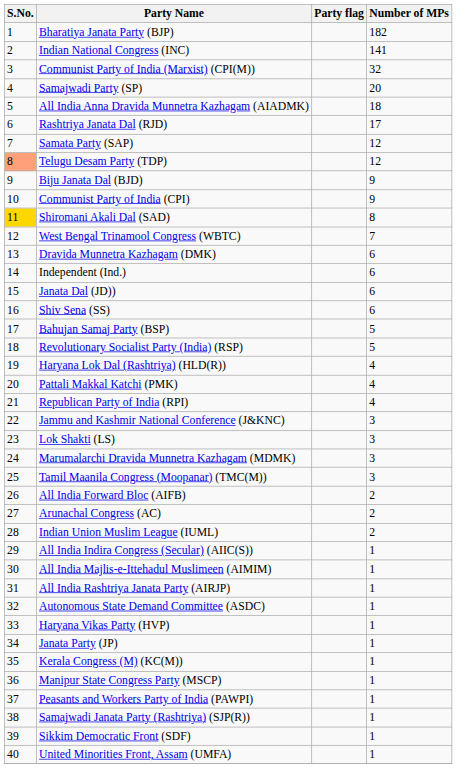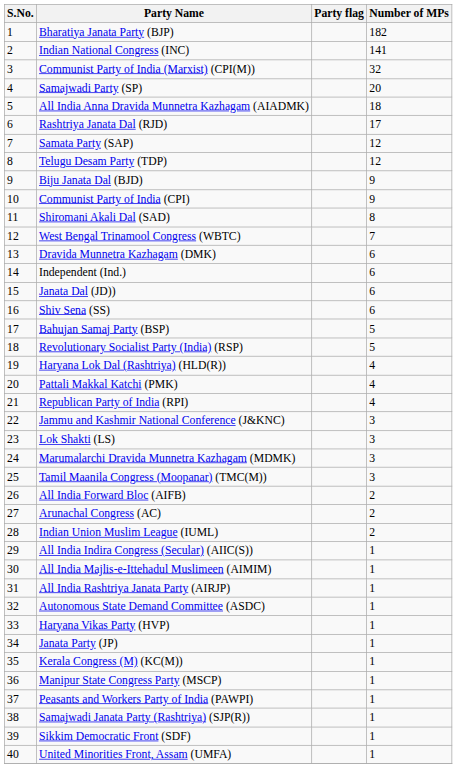 <table class="wikitable">
 <tr>
 <th>S.No.</th>
 <th>Party Name</th>
 <th>Party flag</th>
 <th>Number of MPs</th>
 </tr>
 <tr>
 <td>1</td>
 <td><a href='#'>Bharatiya Janata Party</a> (BJP)</td>
 <td></td>
 <td>182</td>
 </tr>
 <tr>
 <td>2</td>
 <td><a href='#'>Indian National Congress</a> (INC)</td>
 <td></td>
 <td>141</td>
 </tr>
 <tr>
 <td>3</td>
 <td><a href='#'>Communist Party of India (Marxist)</a> (CPI(M))</td>
 <td></td>
 <td>32</td>
 </tr>
 <tr>
 <td>4</td>
 <td><a href='#'>Samajwadi Party</a> (SP)</td>
 <td></td>
 <td>20</td>
 </tr>
 <tr>
 <td>5</td>
 <td><a href='#'>All India Anna Dravida Munnetra Kazhagam</a> (AIADMK)</td>
 <td></td>
 <td>18</td>
 </tr>
 <tr>
 <td>6</td>
 <td><a href='#'>Rashtriya Janata Dal</a> (RJD)</td>
 <td></td>
 <td>17</td>
 </tr>
 <tr>
 <td>7</td>
 <td><a href='#'>Samata Party</a> (SAP)</td>
 <td></td>
 <td>12</td>
 </tr>
 <tr>
-<td style="background: lightsalmon;">8</td>
+<td>8</td>
 <td><a href='#'>Telugu Desam Party</a> (TDP)</td>
 <td></td>
 <td>12</td>
 </tr>
 <tr>
 <td>9</td>
 <td><a href='#'>Biju Janata Dal</a> (BJD)</td>
 <td></td>
 <td>9</td>
 </tr>
 <tr>
 <td>10</td>
 <td><a href='#'>Communist Party of India</a> (CPI)</td>
 <td></td>
 <td>9</td>
 </tr>
 <tr>
-<td style="background: gold;">11</td>
+<td>11</td>
 <td><a href='#'>Shiromani Akali Dal</a> (SAD)</td>
 <td></td>
 <td>8</td>
 </tr>
 <tr>
 <td>12</td>
 <td><a href='#'>West Bengal Trinamool Congress</a> (WBTC)</td>
 <td></td>
 <td>7</td>
 </tr>
 <tr>
 <td>13</td>
 <td><a href='#'>Dravida Munnetra Kazhagam</a> (DMK)</td>
 <td></td>
 <td>6</td>
 </tr>
 <tr>
 <td>14</td>
 <td>Independent (Ind.)</td>
 <td></td>
 <td>6</td>
 </tr>
 <tr>
 <td>15</td>
 <td><a href='#'>Janata Dal</a> (JD))</td>
 <td></td>
 <td>6</td>
 </tr>
 <tr>
 <td>16</td>
 <td><a href='#'>Shiv Sena</a> (SS)</td>
 <td></td>
 <td>6</td>
 </tr>
 <tr>
 <td>17</td>
 <td><a href='#'>Bahujan Samaj Party</a> (BSP)</td>
 <td></td>
 <td>5</td>
 </tr>
 <tr>
 <td>18</td>
 <td><a href='#'>Revolutionary Socialist Party (India)</a> (RSP)</td>
 <td></td>
 <td>5</td>
 </tr>
 <tr>
 <td>19</td>
 <td><a href='#'>Haryana Lok Dal (Rashtriya)</a> (HLD(R))</td>
 <td></td>
 <td>4</td>
 </tr>
 <tr>
 <td>20</td>
 <td><a href='#'>Pattali Makkal Katchi</a> (PMK)</td>
 <td></td>
 <td>4</td>
 </tr>
 <tr>
 <td>21</td>
 <td><a href='#'>Republican Party of India</a> (RPI)</td>
 <td></td>
 <td>4</td>
 </tr>
 <tr>
 <td>22</td>
 <td><a href='#'>Jammu and Kashmir National Conference</a> (J&KNC)</td>
 <td></td>
 <td>3</td>
 </tr>
 <tr>
 <td>23</td>
 <td><a href='#'>Lok Shakti</a> (LS)</td>
 <td></td>
 <td>3</td>
 </tr>
 <tr>
 <td>24</td>
 <td><a href='#'>Marumalarchi Dravida Munnetra Kazhagam</a> (MDMK)</td>
 <td></td>
 <td>3</td>
 </tr>
 <tr>
 <td>25</td>
 <td><a href='#'>Tamil Maanila Congress (Moopanar)</a> (TMC(M))</td>
 <td></td>
 <td>3</td>
 </tr>
 <tr>
 <td>26</td>
 <td><a href='#'>All India Forward Bloc</a> (AIFB)</td>
 <td></td>
 <td>2</td>
 </tr>
 <tr>
 <td>27</td>
 <td><a href='#'>Arunachal Congress</a> (AC)</td>
 <td></td>
 <td>2</td>
 </tr>
 <tr>
 <td>28</td>
 <td><a href='#'>Indian Union Muslim League</a> (IUML)</td>
 <td></td>
 <td>2</td>
 </tr>
 <tr>
 <td>29</td>
 <td><a href='#'>All India Indira Congress (Secular)</a> (AIIC(S))</td>
 <td></td>
 <td>1</td>
 </tr>
 <tr>
 <td>30</td>
 <td><a href='#'>All India Majlis-e-Ittehadul Muslimeen</a> (AIMIM)</td>
 <td></td>
 <td>1</td>
 </tr>
 <tr>
 <td>31</td>
 <td><a href='#'>All India Rashtriya Janata Party</a> (AIRJP)</td>
 <td></td>
 <td>1</td>
 </tr>
 <tr>
 <td>32</td>
 <td><a href='#'>Autonomous State Demand Committee</a> (ASDC)</td>
 <td></td>
 <td>1</td>
 </tr>
 <tr>
 <td>33</td>
 <td><a href='#'>Haryana Vikas Party</a> (HVP)</td>
 <td></td>
 <td>1</td>
 </tr>
 <tr>
 <td>34</td>
 <td><a href='#'>Janata Party</a> (JP)</td>
 <td></td>
 <td>1</td>
 </tr>
 <tr>
 <td>35</td>
 <td><a href='#'>Kerala Congress (M)</a> (KC(M))</td>
 <td></td>
 <td>1</td>
 </tr>
 <tr>
 <td>36</td>
 <td><a href='#'>Manipur State Congress Party</a> (MSCP)</td>
 <td></td>
 <td>1</td>
 </tr>
 <tr>
 <td>37</td>
 <td><a href='#'>Peasants and Workers Party of India</a> (PAWPI)</td>
 <td></td>
 <td>1</td>
 </tr>
 <tr>
 <td>38</td>
 <td><a href='#'>Samajwadi Janata Party (Rashtriya)</a> (SJP(R))</td>
 <td></td>
 <td>1</td>
 </tr>
 <tr>
 <td>39</td>
 <td><a href='#'>Sikkim Democratic Front</a> (SDF)</td>
 <td></td>
 <td>1</td>
 </tr>
 <tr>
 <td>40</td>
 <td><a href='#'>United Minorities Front, Assam</a> (UMFA)</td>
 <td></td>
 <td>1</td>
 </tr>
 <tr>
 </tr>
 </table>
